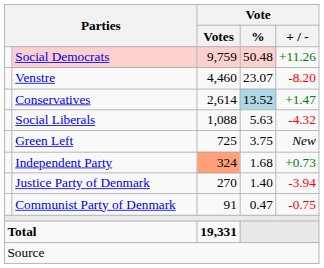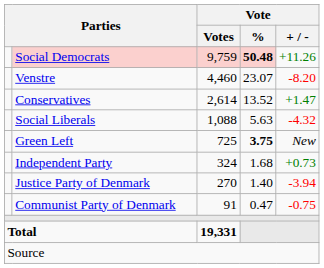 <table class="wikitable" style="text-align:right;">
 <tr>
 <th style="text-align:centre;" rowspan="2" colspan="2" width="225">Parties</th>
 <th colspan="3">Vote</th>
 </tr>
 <tr>
 <th width="15">Votes</th>
 <th width="15">%</th>
 <th width="15">+ / -</th>
 </tr>
 <tr>
 <td width="2" style="color:inherit;background:"></td>
 <td bgcolor=#fbd0ce  align="left"><a href='#'>Social Democrats</a></td>
 <td bgcolor=#fbd0ce>9,759</td>
-<td bgcolor=#fbd0ce>50.48</td>
+<td bgcolor=#fbd0ce><strong>50.48</strong></td>
 <td style=color:green;>+11.26</td>
 </tr>
 <tr>
 <td width="2" style="color:inherit;background:"></td>
 <td align="left"><a href='#'>Venstre</a></td>
 <td>4,460</td>
 <td>23.07</td>
 <td style=color:red;>-8.20</td>
 </tr>
 <tr>
 <td width="2" style="color:inherit;background:"></td>
 <td align="left"><a href='#'>Conservatives</a></td>
 <td>2,614</td>
-<td style="background: lightblue;">13.52</td>
+<td>13.52</td>
 <td style=color:green;>+1.47</td>
 </tr>
 <tr>
 <td width="2" style="color:inherit;background:"></td>
 <td align="left"><a href='#'>Social Liberals</a></td>
 <td>1,088</td>
 <td>5.63</td>
 <td style=color:red;>-4.32</td>
 </tr>
 <tr>
 <td width="2" style="color:inherit;background:"></td>
 <td align="left"><a href='#'>Green Left</a></td>
 <td>725</td>
-<td>3.75</td>
+<td><strong>3.75</strong></td>
 <td><em>New</em></td>
 </tr>
 <tr>
 <td width="2" style="color:inherit;background:"></td>
 <td align="left"><a href='#'>Independent Party</a></td>
-<td style="background: lightsalmon;">324</td>
+<td>324</td>
 <td>1.68</td>
 <td style=color:green;>+0.73</td>
 </tr>
 <tr>
 <td width="2" style="color:inherit;background:"></td>
 <td align="left"><a href='#'>Justice Party of Denmark</a></td>
 <td>270</td>
 <td>1.40</td>
 <td style=color:red;>-3.94</td>
 </tr>
 <tr>
 <td width="2" style="color:inherit;background:"></td>
 <td align="left"><a href='#'>Communist Party of Denmark</a></td>
 <td>91</td>
 <td>0.47</td>
 <td style=color:red;>-0.75</td>
 </tr>
 <tr>
 <td colspan="7" bgcolor="#E9E9E9"></td>
 </tr>
 <tr>
 <td align="left" colspan="2"><strong>Total</strong></td>
 <td><strong>19,331</strong></td>
 <td bgcolor="#E9E9E9" colspan="2"></td>
 </tr>
 <tr>
 <td align="left" colspan="6">Source</td>
 </tr>
 </table>
